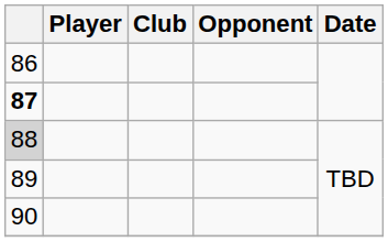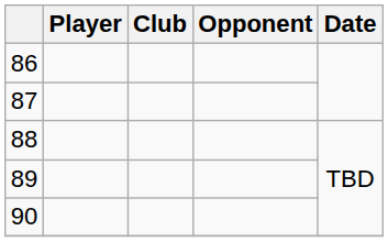 <table class="wikitable" style="text-align:center">
 <tr>
 <th></th>
 <th>Player</th>
 <th>Club</th>
 <th>Opponent</th>
 <th>Date</th>
 </tr>
 <tr>
 <td>86</td>
 <td align="left"></td>
 <td></td>
 <td></td>
 <td rowspan="2"></td>
 </tr>
 <tr>
-<td><strong>87</strong></td>
+<td>87</td>
 <td align="left"></td>
 <td></td>
 <td></td>
 </tr>
 <tr>
-<td style="background: lightgrey;">88</td>
+<td>88</td>
 <td align="left"></td>
 <td></td>
 <td></td>
 <td rowspan="3">TBD</td>
 </tr>
 <tr>
 <td>89</td>
 <td align="left"></td>
 <td></td>
 <td></td>
 </tr>
 <tr>
 <td>90</td>
 <td align="left"></td>
 <td></td>
 <td></td>
 </tr>
 <tr>
 </tr>
 </table>
